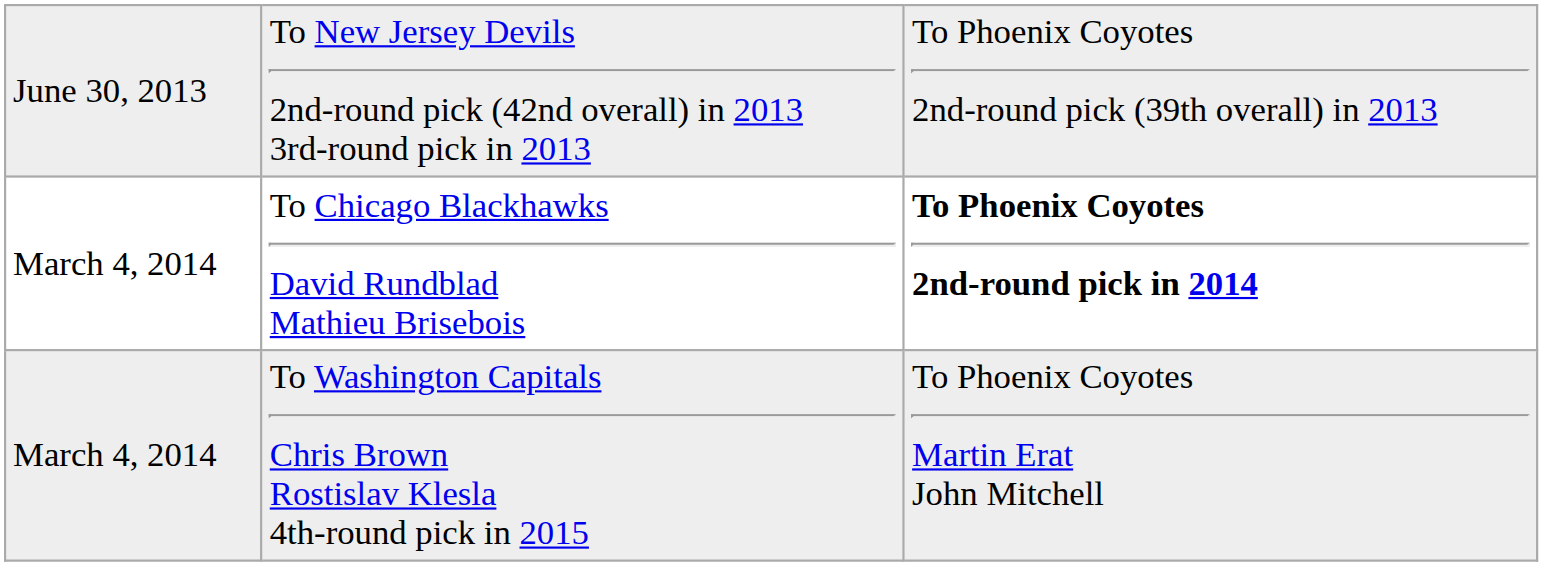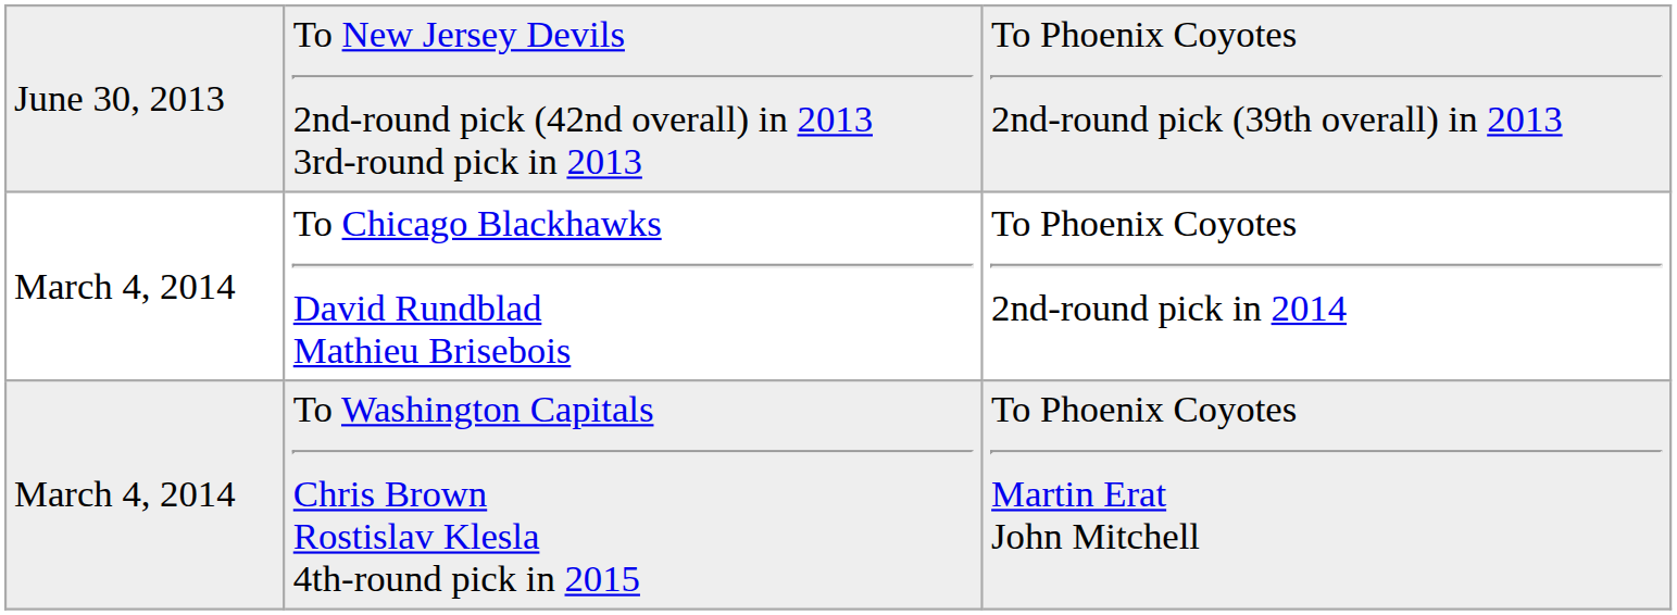 <table class="wikitable" style="border:1px solid #999999; width:80%;">
 <tr bgcolor="eeeeee">
 <td>June 30, 2013</td>
 <td valign="top">To <a href='#'>New Jersey Devils</a> <hr> 2nd-round pick (42nd overall) in <a href='#'>2013</a><br>3rd-round pick in <a href='#'>2013</a></td>
 <td valign="top">To Phoenix Coyotes <hr> 2nd-round pick (39th overall) in <a href='#'>2013</a></td>
 </tr>
 <tr bgcolor="ffffff">
 <td>March 4, 2014</td>
 <td valign="top">To <a href='#'>Chicago Blackhawks</a> <hr> <a href='#'>David Rundblad</a><br><a href='#'>Mathieu Brisebois</a></td>
-<td valign="top"><strong>To Phoenix Coyotes <hr> 2nd-round pick in <a href='#'>2014</a></strong></td>
+<td valign="top">To Phoenix Coyotes <hr> 2nd-round pick in <a href='#'>2014</a></td>
 </tr>
 <tr bgcolor="eeeeee">
 <td>March 4, 2014</td>
 <td valign="top">To <a href='#'>Washington Capitals</a><hr><a href='#'>Chris Brown</a><br><a href='#'>Rostislav Klesla</a><br>4th-round pick in <a href='#'>2015</a></td>
 <td valign="top">To Phoenix Coyotes<hr><a href='#'>Martin Erat</a><br>John Mitchell</td>
 </tr>
 </table>
